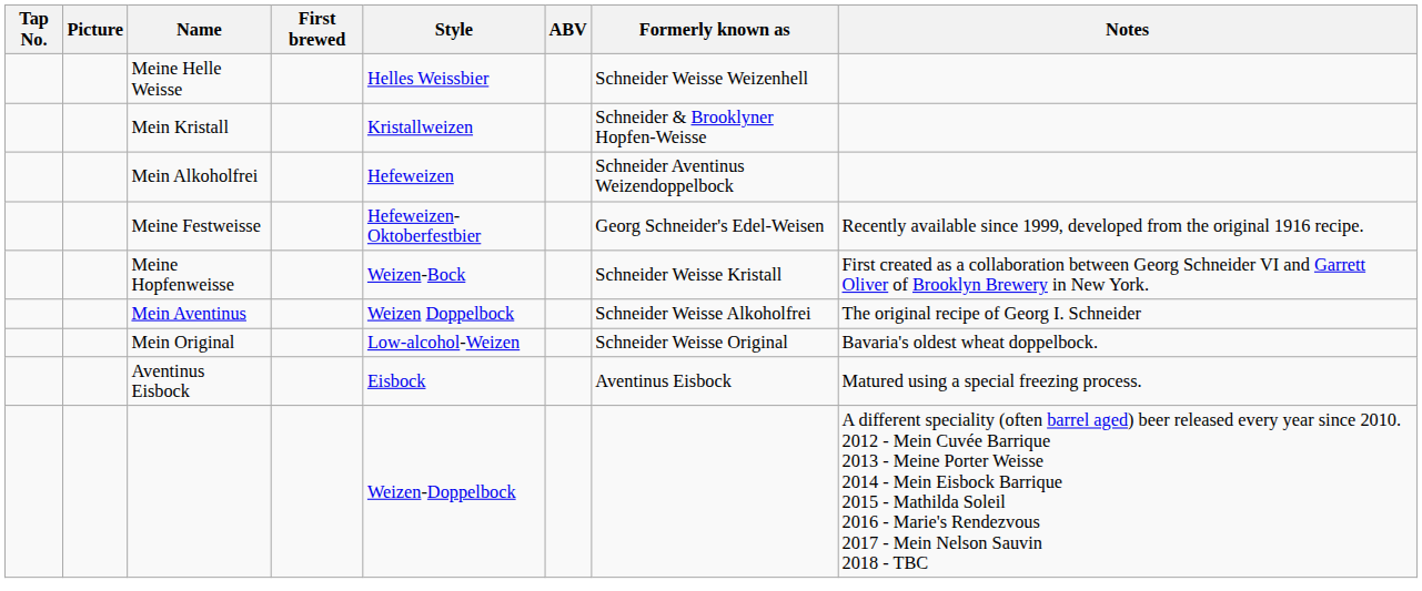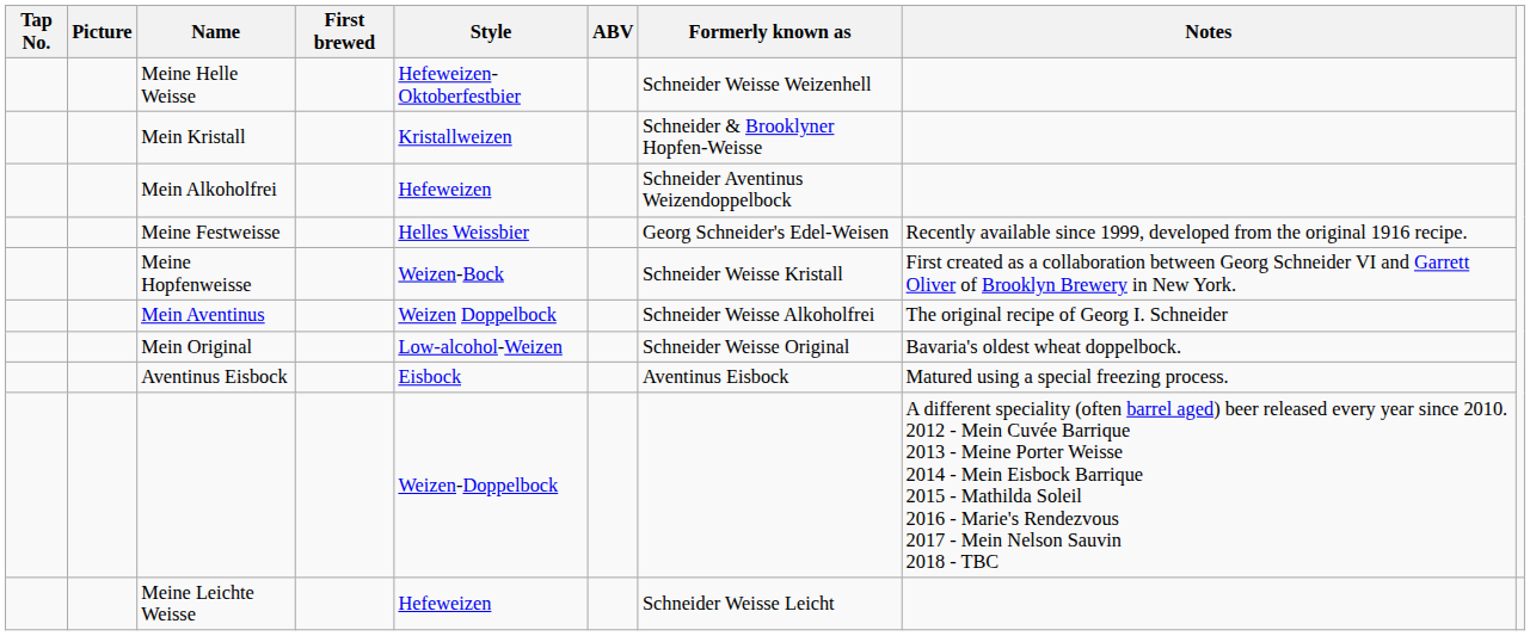 <table class="wikitable sortable" border="1">
 <tr>
 <th>Tap No.</th>
 <th>Picture</th>
 <th>Name</th>
 <th>First brewed</th>
 <th>Style</th>
 <th>ABV</th>
 <th>Formerly known as</th>
 <th>Notes</th>
 </tr>
 <tr>
 <td></td>
 <td></td>
 <td>Meine Helle Weisse</td>
 <td></td>
-<td><a href='#'>Helles Weissbier</a></td>
+<td><a href='#'>Hefeweizen</a>-<a href='#'>Oktoberfestbier</a></td>
 <td></td>
 <td>Schneider Weisse Weizenhell</td>
 <td></td>
 </tr>
 <tr>
 <td></td>
 <td></td>
 <td>Mein Kristall</td>
 <td></td>
 <td><a href='#'>Kristallweizen</a></td>
 <td></td>
 <td>Schneider & <a href='#'>Brooklyner</a> Hopfen-Weisse</td>
 <td></td>
 </tr>
 <tr>
 <td></td>
 <td></td>
 <td>Mein Alkoholfrei</td>
 <td></td>
 <td><a href='#'>Hefeweizen</a></td>
 <td></td>
 <td>Schneider Aventinus Weizendoppelbock</td>
 <td></td>
 </tr>
 <tr>
 <td></td>
 <td></td>
 <td>Meine Festweisse</td>
 <td></td>
-<td><a href='#'>Hefeweizen</a>-<a href='#'>Oktoberfestbier</a></td>
+<td><a href='#'>Helles Weissbier</a></td>
 <td></td>
 <td>Georg Schneider's Edel-Weisen</td>
 <td>Recently available since 1999, developed from the original 1916 recipe.</td>
 </tr>
 <tr>
 <td></td>
 <td></td>
 <td>Meine Hopfenweisse</td>
 <td></td>
 <td><a href='#'>Weizen</a>-<a href='#'>Bock</a></td>
 <td></td>
 <td>Schneider Weisse Kristall</td>
 <td>First created as a collaboration between Georg Schneider VI and <a href='#'>Garrett Oliver</a> of <a href='#'>Brooklyn Brewery</a> in New York.</td>
 </tr>
 <tr>
 <td></td>
 <td></td>
 <td><a href='#'>Mein Aventinus</a></td>
 <td></td>
 <td><a href='#'>Weizen</a> <a href='#'>Doppelbock</a></td>
 <td></td>
 <td>Schneider Weisse Alkoholfrei</td>
 <td>The original recipe of Georg I. Schneider</td>
 </tr>
 <tr>
 <td></td>
 <td></td>
 <td>Mein Original</td>
 <td></td>
 <td><a href='#'>Low-alcohol</a>-<a href='#'>Weizen</a></td>
 <td></td>
 <td>Schneider Weisse Original</td>
 <td>Bavaria's oldest wheat doppelbock.</td>
 </tr>
 <tr>
 <td></td>
 <td></td>
 <td>Aventinus Eisbock</td>
 <td></td>
 <td><a href='#'>Eisbock</a></td>
 <td></td>
 <td>Aventinus Eisbock</td>
 <td>Matured using a special freezing process.</td>
 </tr>
 <tr>
 <td></td>
 <td></td>
 <td></td>
 <td></td>
 <td><a href='#'>Weizen</a>-<a href='#'>Doppelbock</a></td>
 <td></td>
 <td></td>
 <td>A different speciality (often <a href='#'>barrel aged</a>) beer released every year since 2010.<br>2012 - Mein Cuvée Barrique<br> 2013 - Meine Porter Weisse<br> 2014 - Mein Eisbock Barrique<br> 2015 - Mathilda Soleil<br> 2016 - Marie's Rendezvous<br> 2017 - Mein Nelson Sauvin<br> 2018 - TBC</td>
 </tr>
+<tr>
+<td></td>
+<td></td>
+<td>Meine Leichte Weisse</td>
+<td></td>
+<td><a href='#'>Hefeweizen</a></td>
+<td></td>
+<td>Schneider Weisse Leicht</td>
+<td></td>
+<td></td>
+</tr>
 </table>
